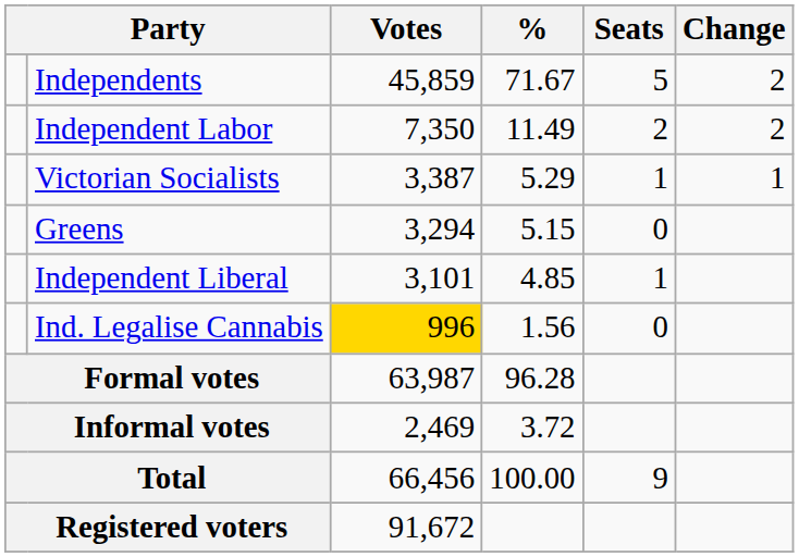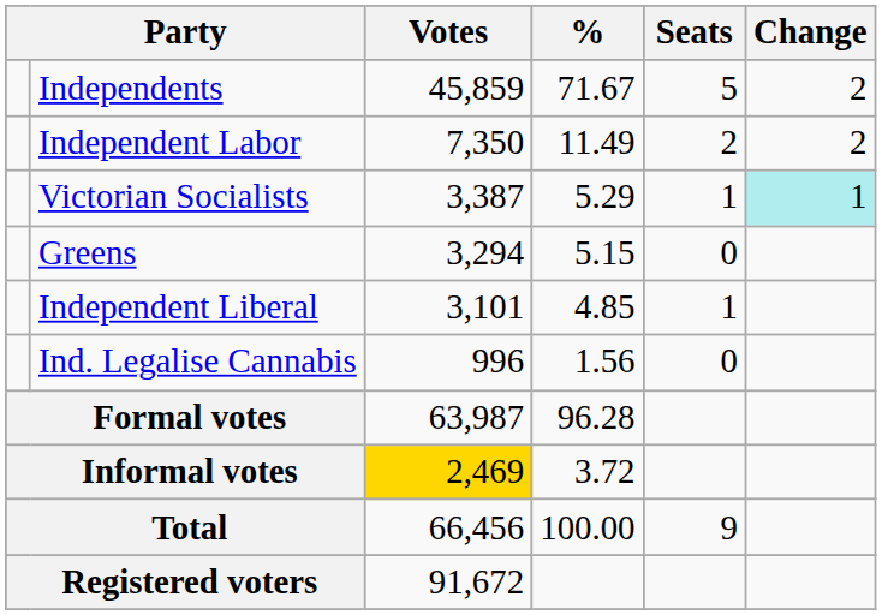 <table class="wikitable" style="text-align:right; margin-bottom:0">
 <tr>
 <th style="width:10px" colspan=3>Party</th>
 <th style="width:70px;">Votes</th>
 <th style="width:40px;">%</th>
 <th style="width:40px;">Seats</th>
 <th style="width:40px;">Change</th>
 </tr>
 <tr>
 <td> </td>
 <td style="text-align:left;" colspan="2"><a href='#'>Independents</a></td>
 <td>45,859</td>
 <td>71.67</td>
 <td>5</td>
 <td> 2</td>
 </tr>
 <tr>
 <td> </td>
 <td style="text-align:left;" colspan="2"><a href='#'>Independent Labor</a></td>
 <td>7,350</td>
 <td>11.49</td>
 <td>2</td>
 <td> 2</td>
 </tr>
 <tr>
 <td> </td>
 <td style="text-align:left;" colspan="2"><a href='#'>Victorian Socialists</a></td>
 <td>3,387</td>
 <td>5.29</td>
 <td>1</td>
-<td> 1</td>
+<td style="background: paleturquoise;"> 1</td>
 </tr>
 <tr>
 <td> </td>
 <td style="text-align:left;" colspan="2"><a href='#'>Greens</a></td>
 <td>3,294</td>
 <td>5.15</td>
 <td>0</td>
 <td></td>
 </tr>
 <tr>
 <td> </td>
 <td style="text-align:left;" colspan="2"><a href='#'>Independent Liberal</a></td>
 <td>3,101</td>
 <td>4.85</td>
 <td>1</td>
 <td></td>
 </tr>
 <tr>
 <td> </td>
 <td style="text-align:left;" colspan="2"><a href='#'>Ind. Legalise Cannabis</a></td>
-<td style="background: gold;">996</td>
+<td>996</td>
 <td>1.56</td>
 <td>0</td>
 <td></td>
 </tr>
 <tr>
 <th colspan="3" rowspan="1"> Formal votes</th>
 <td>63,987</td>
 <td>96.28</td>
 <td></td>
 <td></td>
 </tr>
 <tr>
 <th colspan="3" rowspan="1"> Informal votes</th>
-<td>2,469</td>
+<td style="background: gold;">2,469</td>
 <td>3.72</td>
 <td></td>
 <td></td>
 </tr>
 <tr>
 <th colspan="3" rowspan="1"> Total</th>
 <td>66,456</td>
 <td>100.00</td>
 <td>9</td>
 <td></td>
 </tr>
 <tr>
 <th colspan="3" rowspan="1"> Registered voters</th>
 <td>91,672</td>
 <td></td>
 <td></td>
 <td></td>
 </tr>
 </table>
